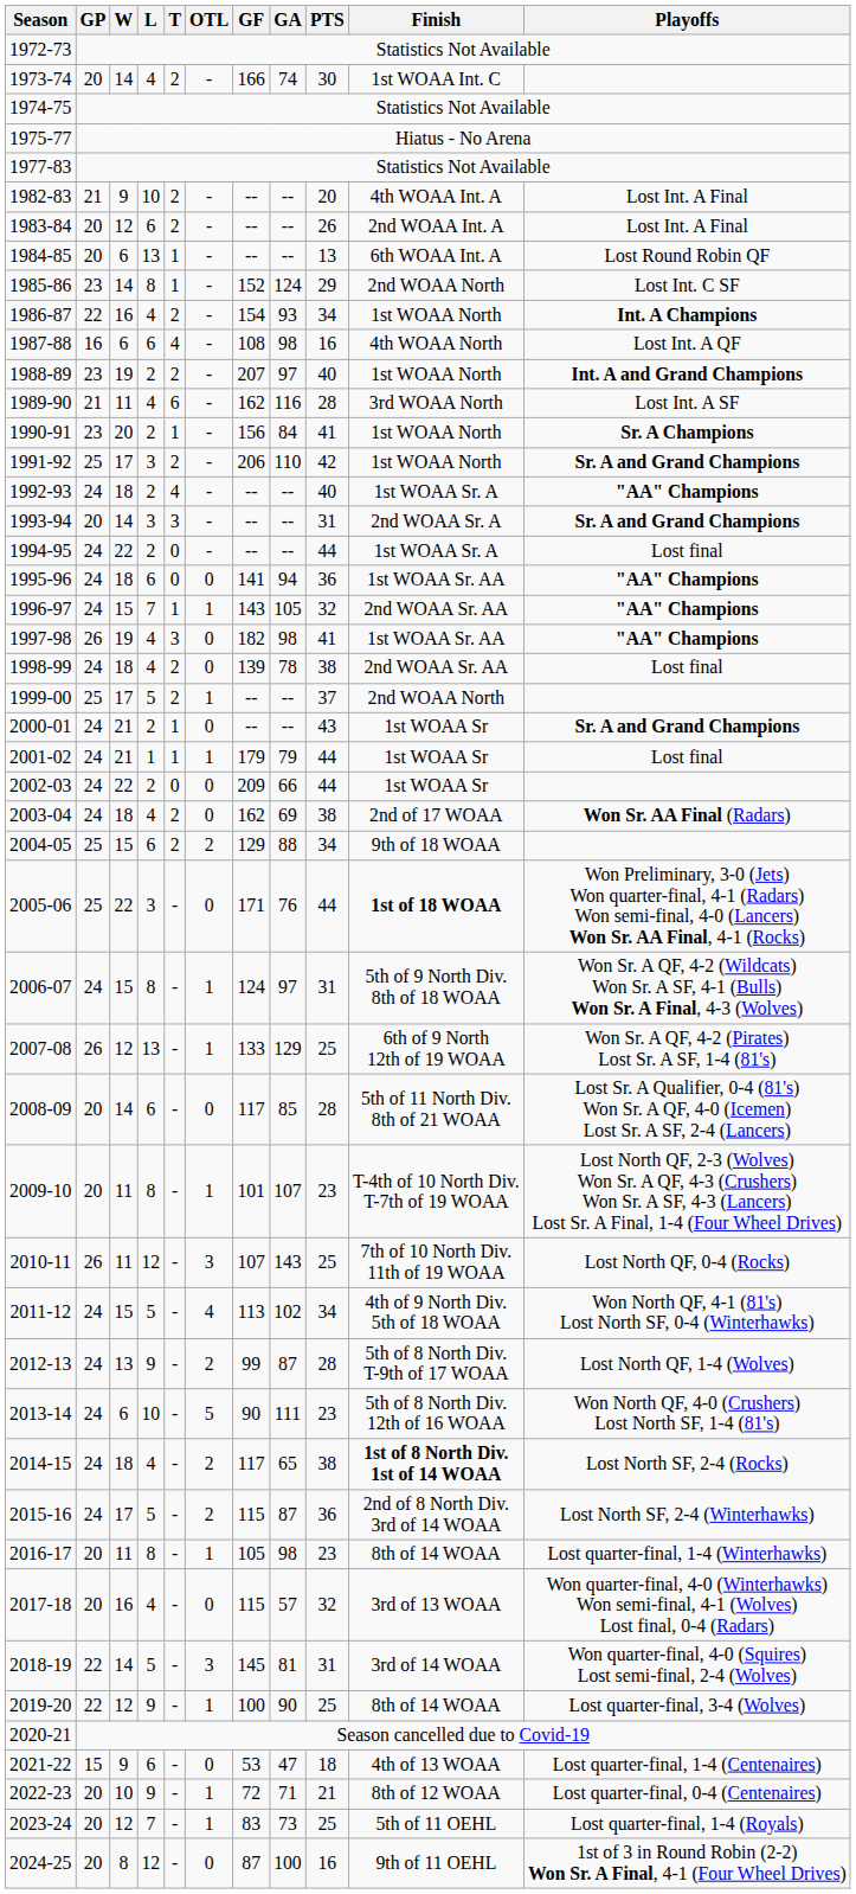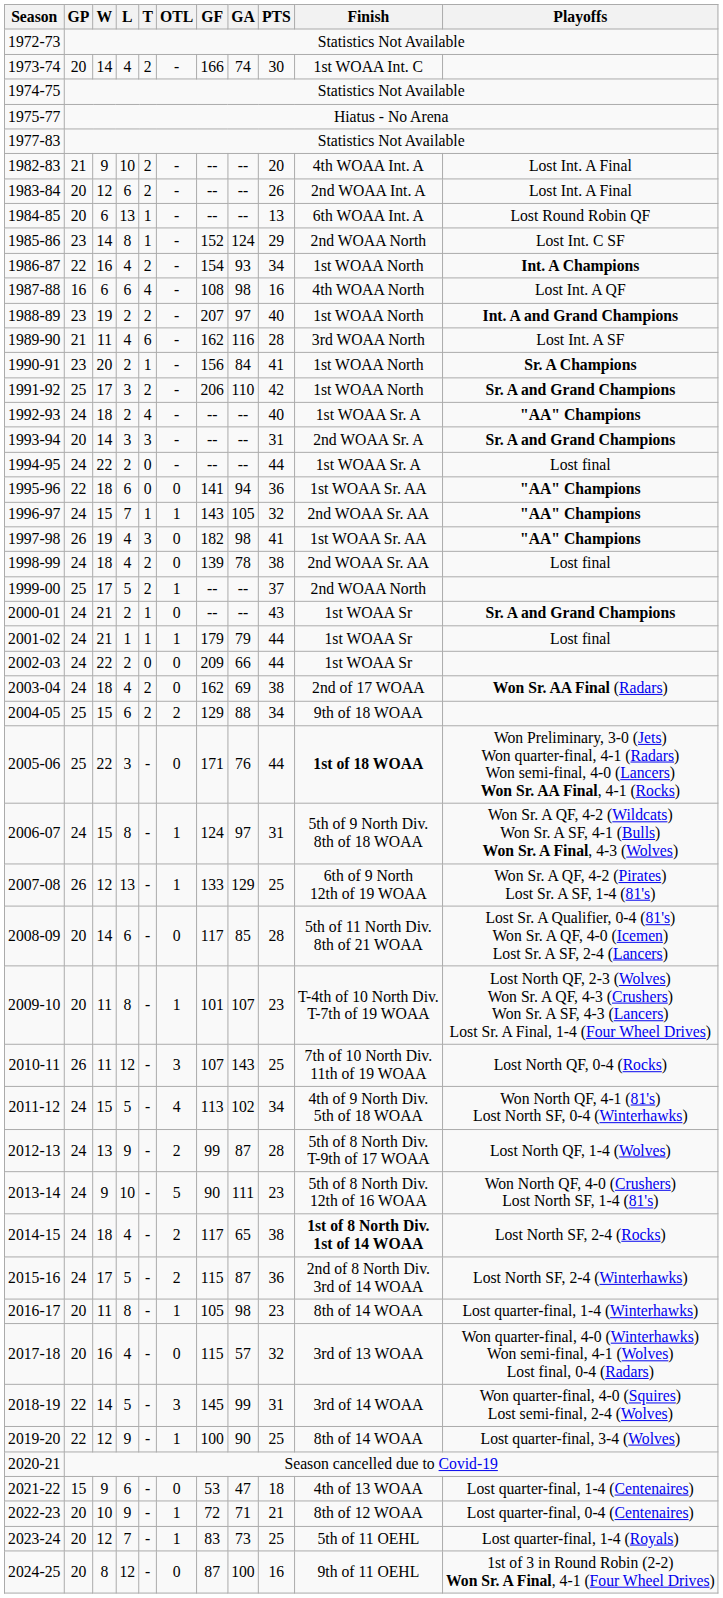 <table class="wikitable">
 <tr>
 <th>Season</th>
 <th>GP</th>
 <th>W</th>
 <th>L</th>
 <th>T</th>
 <th>OTL</th>
 <th>GF</th>
 <th>GA</th>
 <th>PTS</th>
 <th>Finish</th>
 <th>Playoffs</th>
 </tr>
 <tr align="center">
 <td>1972-73</td>
 <td colspan="11">Statistics Not Available</td>
 </tr>
 <tr align="center">
 <td>1973-74</td>
 <td>20</td>
 <td>14</td>
 <td>4</td>
 <td>2</td>
 <td>-</td>
 <td>166</td>
 <td>74</td>
 <td>30</td>
 <td>1st WOAA Int. C</td>
 <td></td>
 </tr>
 <tr align="center">
 <td>1974-75</td>
 <td colspan="11">Statistics Not Available</td>
 </tr>
 <tr align="center">
 <td>1975-77</td>
 <td colspan="11">Hiatus - No Arena</td>
 </tr>
 <tr align="center">
 <td>1977-83</td>
 <td colspan="11">Statistics Not Available</td>
 </tr>
 <tr align="center">
 <td>1982-83</td>
 <td>21</td>
 <td>9</td>
 <td>10</td>
 <td>2</td>
 <td>-</td>
 <td>--</td>
 <td>--</td>
 <td>20</td>
 <td>4th WOAA Int. A</td>
 <td>Lost Int. A Final</td>
 </tr>
 <tr align="center">
 <td>1983-84</td>
 <td>20</td>
 <td>12</td>
 <td>6</td>
 <td>2</td>
 <td>-</td>
 <td>--</td>
 <td>--</td>
 <td>26</td>
 <td>2nd WOAA Int. A</td>
 <td>Lost Int. A Final</td>
 </tr>
 <tr align="center">
 <td>1984-85</td>
 <td>20</td>
 <td>6</td>
 <td>13</td>
 <td>1</td>
 <td>-</td>
 <td>--</td>
 <td>--</td>
 <td>13</td>
 <td>6th WOAA Int. A</td>
 <td>Lost Round Robin QF</td>
 </tr>
 <tr align="center">
 <td>1985-86</td>
 <td>23</td>
 <td>14</td>
 <td>8</td>
 <td>1</td>
 <td>-</td>
 <td>152</td>
 <td>124</td>
 <td>29</td>
 <td>2nd WOAA North</td>
 <td>Lost Int. C SF</td>
 </tr>
 <tr align="center">
 <td>1986-87</td>
 <td>22</td>
 <td>16</td>
 <td>4</td>
 <td>2</td>
 <td>-</td>
 <td>154</td>
 <td>93</td>
 <td>34</td>
 <td>1st WOAA North</td>
 <td><strong>Int. A Champions</strong></td>
 </tr>
 <tr align="center">
 <td>1987-88</td>
 <td>16</td>
 <td>6</td>
 <td>6</td>
 <td>4</td>
 <td>-</td>
 <td>108</td>
 <td>98</td>
 <td>16</td>
 <td>4th WOAA North</td>
 <td>Lost Int. A QF</td>
 </tr>
 <tr align="center">
 <td>1988-89</td>
 <td>23</td>
 <td>19</td>
 <td>2</td>
 <td>2</td>
 <td>-</td>
 <td>207</td>
 <td>97</td>
 <td>40</td>
 <td>1st WOAA North</td>
 <td><strong>Int. A and Grand Champions</strong></td>
 </tr>
 <tr align="center">
 <td>1989-90</td>
 <td>21</td>
 <td>11</td>
 <td>4</td>
 <td>6</td>
 <td>-</td>
 <td>162</td>
 <td>116</td>
 <td>28</td>
 <td>3rd WOAA North</td>
 <td>Lost Int. A SF</td>
 </tr>
 <tr align="center">
 <td>1990-91</td>
 <td>23</td>
 <td>20</td>
 <td>2</td>
 <td>1</td>
 <td>-</td>
 <td>156</td>
 <td>84</td>
 <td>41</td>
 <td>1st WOAA North</td>
 <td><strong>Sr. A Champions</strong></td>
 </tr>
 <tr align="center">
 <td>1991-92</td>
 <td>25</td>
 <td>17</td>
 <td>3</td>
 <td>2</td>
 <td>-</td>
 <td>206</td>
 <td>110</td>
 <td>42</td>
 <td>1st WOAA North</td>
 <td><strong>Sr. A and Grand Champions</strong></td>
 </tr>
 <tr align="center">
 <td>1992-93</td>
 <td>24</td>
 <td>18</td>
 <td>2</td>
 <td>4</td>
 <td>-</td>
 <td>--</td>
 <td>--</td>
 <td>40</td>
 <td>1st WOAA Sr. A</td>
 <td><strong>"AA" Champions</strong></td>
 </tr>
 <tr align="center">
 <td>1993-94</td>
 <td>20</td>
 <td>14</td>
 <td>3</td>
 <td>3</td>
 <td>-</td>
 <td>--</td>
 <td>--</td>
 <td>31</td>
 <td>2nd WOAA Sr. A</td>
 <td><strong>Sr. A and Grand Champions</strong></td>
 </tr>
 <tr align="center">
 <td>1994-95</td>
 <td>24</td>
 <td>22</td>
 <td>2</td>
 <td>0</td>
 <td>-</td>
 <td>--</td>
 <td>--</td>
 <td>44</td>
 <td>1st WOAA Sr. A</td>
 <td>Lost final</td>
 </tr>
 <tr align="center">
 <td>1995-96</td>
-<td>24</td>
+<td>22</td>
 <td>18</td>
 <td>6</td>
 <td>0</td>
 <td>0</td>
 <td>141</td>
 <td>94</td>
 <td>36</td>
 <td>1st WOAA Sr. AA</td>
 <td><strong>"AA" Champions</strong></td>
 </tr>
 <tr align="center">
 <td>1996-97</td>
 <td>24</td>
 <td>15</td>
 <td>7</td>
 <td>1</td>
 <td>1</td>
 <td>143</td>
 <td>105</td>
 <td>32</td>
 <td>2nd WOAA Sr. AA</td>
 <td><strong>"AA" Champions</strong></td>
 </tr>
 <tr align="center">
 <td>1997-98</td>
 <td>26</td>
 <td>19</td>
 <td>4</td>
 <td>3</td>
 <td>0</td>
 <td>182</td>
 <td>98</td>
 <td>41</td>
 <td>1st WOAA Sr. AA</td>
 <td><strong>"AA" Champions</strong></td>
 </tr>
 <tr align="center">
 <td>1998-99</td>
 <td>24</td>
 <td>18</td>
 <td>4</td>
 <td>2</td>
 <td>0</td>
 <td>139</td>
 <td>78</td>
 <td>38</td>
 <td>2nd WOAA Sr. AA</td>
 <td>Lost final</td>
 </tr>
 <tr align="center">
 <td>1999-00</td>
 <td>25</td>
 <td>17</td>
 <td>5</td>
 <td>2</td>
 <td>1</td>
 <td>--</td>
 <td>--</td>
 <td>37</td>
 <td>2nd WOAA North</td>
 <td></td>
 </tr>
 <tr align="center">
 <td>2000-01</td>
 <td>24</td>
 <td>21</td>
 <td>2</td>
 <td>1</td>
 <td>0</td>
 <td>--</td>
 <td>--</td>
 <td>43</td>
 <td>1st WOAA Sr</td>
 <td><strong>Sr. A and Grand Champions</strong></td>
 </tr>
 <tr align="center">
 <td>2001-02</td>
 <td>24</td>
 <td>21</td>
 <td>1</td>
 <td>1</td>
 <td>1</td>
 <td>179</td>
 <td>79</td>
 <td>44</td>
 <td>1st WOAA Sr</td>
 <td>Lost final</td>
 </tr>
 <tr align="center">
 <td>2002-03</td>
 <td>24</td>
 <td>22</td>
 <td>2</td>
 <td>0</td>
 <td>0</td>
 <td>209</td>
 <td>66</td>
 <td>44</td>
 <td>1st WOAA Sr</td>
 <td></td>
 </tr>
 <tr align="center">
 <td>2003-04</td>
 <td>24</td>
 <td>18</td>
 <td>4</td>
 <td>2</td>
 <td>0</td>
 <td>162</td>
 <td>69</td>
 <td>38</td>
 <td>2nd of 17 WOAA</td>
 <td><strong>Won Sr. AA Final</strong> (<a href='#'>Radars</a>)</td>
 </tr>
 <tr align="center">
 <td>2004-05</td>
 <td>25</td>
 <td>15</td>
 <td>6</td>
 <td>2</td>
 <td>2</td>
 <td>129</td>
 <td>88</td>
 <td>34</td>
 <td>9th of 18 WOAA</td>
 <td></td>
 </tr>
 <tr align="center">
 <td>2005-06</td>
 <td>25</td>
 <td>22</td>
 <td>3</td>
 <td>-</td>
 <td>0</td>
 <td>171</td>
 <td>76</td>
 <td>44</td>
 <td><strong>1st of 18 WOAA</strong></td>
 <td>Won Preliminary, 3-0 (<a href='#'>Jets</a>)<br>Won quarter-final, 4-1 (<a href='#'>Radars</a>)<br>Won semi-final, 4-0 (<a href='#'>Lancers</a>)<br><strong>Won Sr. AA Final</strong>, 4-1 (<a href='#'>Rocks</a>)</td>
 </tr>
 <tr align="center">
 <td>2006-07</td>
 <td>24</td>
 <td>15</td>
 <td>8</td>
 <td>-</td>
 <td>1</td>
 <td>124</td>
 <td>97</td>
 <td>31</td>
 <td>5th of 9 North Div.<br>8th of 18 WOAA</td>
 <td>Won Sr. A QF, 4-2 (<a href='#'>Wildcats</a>)<br>Won Sr. A SF, 4-1 (<a href='#'>Bulls</a>)<br><strong>Won Sr. A Final</strong>, 4-3 (<a href='#'>Wolves</a>)</td>
 </tr>
 <tr align="center">
 <td>2007-08</td>
 <td>26</td>
 <td>12</td>
 <td>13</td>
 <td>-</td>
 <td>1</td>
 <td>133</td>
 <td>129</td>
 <td>25</td>
 <td>6th of 9 North<br>12th of 19 WOAA</td>
 <td>Won Sr. A QF, 4-2 (<a href='#'>Pirates</a>)<br>Lost Sr. A SF, 1-4 (<a href='#'>81's</a>)</td>
 </tr>
 <tr align="center">
 <td>2008-09</td>
 <td>20</td>
 <td>14</td>
 <td>6</td>
 <td>-</td>
 <td>0</td>
 <td>117</td>
 <td>85</td>
 <td>28</td>
 <td>5th of 11 North Div.<br>8th of 21 WOAA</td>
 <td>Lost Sr. A Qualifier, 0-4 (<a href='#'>81's</a>)<br>Won Sr. A QF, 4-0 (<a href='#'>Icemen</a>)<br>Lost Sr. A SF, 2-4 (<a href='#'>Lancers</a>)</td>
 </tr>
 <tr align="center">
 <td>2009-10</td>
 <td>20</td>
 <td>11</td>
 <td>8</td>
 <td>-</td>
 <td>1</td>
 <td>101</td>
 <td>107</td>
 <td>23</td>
 <td>T-4th of 10 North Div.<br>T-7th of 19 WOAA</td>
 <td>Lost North QF, 2-3 (<a href='#'>Wolves</a>)<br>Won Sr. A QF, 4-3 (<a href='#'>Crushers</a>)<br>Won Sr. A SF, 4-3 (<a href='#'>Lancers</a>)<br>Lost Sr. A Final, 1-4 (<a href='#'>Four Wheel Drives</a>)</td>
 </tr>
 <tr align="center">
 <td>2010-11</td>
 <td>26</td>
 <td>11</td>
 <td>12</td>
 <td>-</td>
 <td>3</td>
 <td>107</td>
 <td>143</td>
 <td>25</td>
 <td>7th of 10 North Div.<br>11th of 19 WOAA</td>
 <td>Lost North QF, 0-4 (<a href='#'>Rocks</a>)</td>
 </tr>
 <tr align="center">
 <td>2011-12</td>
 <td>24</td>
 <td>15</td>
 <td>5</td>
 <td>-</td>
 <td>4</td>
 <td>113</td>
 <td>102</td>
 <td>34</td>
 <td>4th of 9 North Div.<br>5th of 18 WOAA</td>
 <td>Won North QF, 4-1 (<a href='#'>81's</a>)<br>Lost North SF, 0-4 (<a href='#'>Winterhawks</a>)</td>
 </tr>
 <tr align="center">
 <td>2012-13</td>
 <td>24</td>
 <td>13</td>
 <td>9</td>
 <td>-</td>
 <td>2</td>
 <td>99</td>
 <td>87</td>
 <td>28</td>
 <td>5th of 8 North Div.<br>T-9th of 17 WOAA</td>
 <td>Lost North QF, 1-4 (<a href='#'>Wolves</a>)</td>
 </tr>
 <tr align="center">
 <td>2013-14</td>
 <td>24</td>
-<td>6</td>
+<td>9</td>
 <td>10</td>
 <td>-</td>
 <td>5</td>
 <td>90</td>
 <td>111</td>
 <td>23</td>
 <td>5th of 8 North Div.<br>12th of 16 WOAA</td>
 <td>Won North QF, 4-0 (<a href='#'>Crushers</a>)<br>Lost North SF, 1-4 (<a href='#'>81's</a>)</td>
 </tr>
 <tr align="center">
 <td>2014-15</td>
 <td>24</td>
 <td>18</td>
 <td>4</td>
 <td>-</td>
 <td>2</td>
 <td>117</td>
 <td>65</td>
 <td>38</td>
 <td><strong>1st of 8 North Div.</strong><br><strong>1st of 14 WOAA</strong></td>
 <td>Lost North SF, 2-4 (<a href='#'>Rocks</a>)</td>
 </tr>
 <tr align="center">
 <td>2015-16</td>
 <td>24</td>
 <td>17</td>
 <td>5</td>
 <td>-</td>
 <td>2</td>
 <td>115</td>
 <td>87</td>
 <td>36</td>
 <td>2nd of 8 North Div.<br>3rd of 14 WOAA</td>
 <td>Lost North SF, 2-4 (<a href='#'>Winterhawks</a>)</td>
 </tr>
 <tr align="center">
 <td>2016-17</td>
 <td>20</td>
 <td>11</td>
 <td>8</td>
 <td>-</td>
 <td>1</td>
 <td>105</td>
 <td>98</td>
 <td>23</td>
 <td>8th of 14 WOAA</td>
 <td>Lost quarter-final, 1-4 (<a href='#'>Winterhawks</a>)</td>
 </tr>
 <tr align="center">
 <td>2017-18</td>
 <td>20</td>
 <td>16</td>
 <td>4</td>
 <td>-</td>
 <td>0</td>
 <td>115</td>
 <td>57</td>
 <td>32</td>
 <td>3rd of 13 WOAA</td>
 <td>Won quarter-final, 4-0 (<a href='#'>Winterhawks</a>)<br>Won semi-final, 4-1 (<a href='#'>Wolves</a>)<br>Lost final, 0-4 (<a href='#'>Radars</a>)</td>
 </tr>
 <tr align="center">
 <td>2018-19</td>
 <td>22</td>
 <td>14</td>
 <td>5</td>
 <td>-</td>
 <td>3</td>
 <td>145</td>
-<td>81</td>
+<td>99</td>
 <td>31</td>
 <td>3rd of 14 WOAA</td>
 <td>Won quarter-final, 4-0 (<a href='#'>Squires</a>)<br>Lost semi-final, 2-4 (<a href='#'>Wolves</a>)</td>
 </tr>
 <tr align="center">
 <td>2019-20</td>
 <td>22</td>
 <td>12</td>
 <td>9</td>
 <td>-</td>
 <td>1</td>
 <td>100</td>
 <td>90</td>
 <td>25</td>
 <td>8th of 14 WOAA</td>
 <td>Lost quarter-final, 3-4 (<a href='#'>Wolves</a>)</td>
 </tr>
 <tr align="center">
 <td>2020-21</td>
 <td colspan="11">Season cancelled due to <a href='#'>Covid-19</a></td>
 </tr>
 <tr align="center">
 <td>2021-22</td>
 <td>15</td>
 <td>9</td>
 <td>6</td>
 <td>-</td>
 <td>0</td>
 <td>53</td>
 <td>47</td>
 <td>18</td>
 <td>4th of 13 WOAA</td>
 <td>Lost quarter-final, 1-4 (<a href='#'>Centenaires</a>)</td>
 </tr>
 <tr align="center">
 <td>2022-23</td>
 <td>20</td>
 <td>10</td>
 <td>9</td>
 <td>-</td>
 <td>1</td>
 <td>72</td>
 <td>71</td>
 <td>21</td>
 <td>8th of 12 WOAA</td>
 <td>Lost quarter-final, 0-4 (<a href='#'>Centenaires</a>)</td>
 </tr>
 <tr align="center">
 <td>2023-24</td>
 <td>20</td>
 <td>12</td>
 <td>7</td>
 <td>-</td>
 <td>1</td>
 <td>83</td>
 <td>73</td>
 <td>25</td>
 <td>5th of 11 OEHL</td>
 <td>Lost quarter-final, 1-4 (<a href='#'>Royals</a>)</td>
 </tr>
 <tr align="center">
 <td>2024-25</td>
 <td>20</td>
 <td>8</td>
 <td>12</td>
 <td>-</td>
 <td>0</td>
 <td>87</td>
 <td>100</td>
 <td>16</td>
 <td>9th of 11 OEHL</td>
 <td>1st of 3 in Round Robin (2-2)<br><strong>Won Sr. A Final</strong>, 4-1 (<a href='#'>Four Wheel Drives</a>)</td>
 </tr>
 </table>
